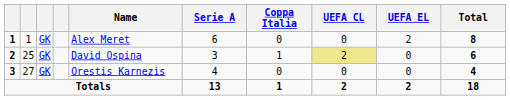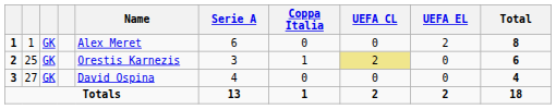 <table class="wikitable" style="text-align:center">
 <tr>
 <th width=15></th>
 <th width=15></th>
 <th width=15></th>
 <th width=15></th>
 <th width=145>Name</th>
 <th width=80><a href='#'>Serie A</a></th>
 <th width=80><a href='#'>Coppa Italia</a></th>
 <th width=80><a href='#'>UEFA CL</a></th>
 <th width=80><a href='#'>UEFA EL</a></th>
 <th width=80>Total</th>
 </tr>
 <tr>
 <td><strong>1</strong></td>
 <td>1</td>
 <td><a href='#'>GK</a></td>
 <td></td>
 <td align=left><a href='#'>Alex Meret</a></td>
 <td>6</td>
 <td>0</td>
 <td>0</td>
 <td>2</td>
 <td><strong>8</strong></td>
 </tr>
 <tr>
 <td><strong>2</strong></td>
 <td>25</td>
 <td><a href='#'>GK</a></td>
 <td></td>
-<td align=left><a href='#'>David Ospina</a></td>
+<td align=left><a href='#'>Orestis Karnezis</a></td>
 <td>3</td>
 <td>1</td>
 <td style="background: khaki;">2</td>
 <td>0</td>
 <td><strong>6</strong></td>
 </tr>
 <tr>
 <td><strong>3</strong></td>
 <td>27</td>
 <td><a href='#'>GK</a></td>
 <td></td>
-<td align=left><a href='#'>Orestis Karnezis</a></td>
+<td align=left><a href='#'>David Ospina</a></td>
 <td>4</td>
 <td>0</td>
 <td>0</td>
 <td>0</td>
 <td><strong>4</strong></td>
 </tr>
 <tr>
 <td colspan=5><strong>Totals</strong></td>
 <td><strong>13</strong></td>
 <td><strong>1</strong></td>
 <td><strong>2</strong></td>
 <td><strong>2</strong></td>
 <td><strong>18</strong></td>
 </tr>
 </table>
